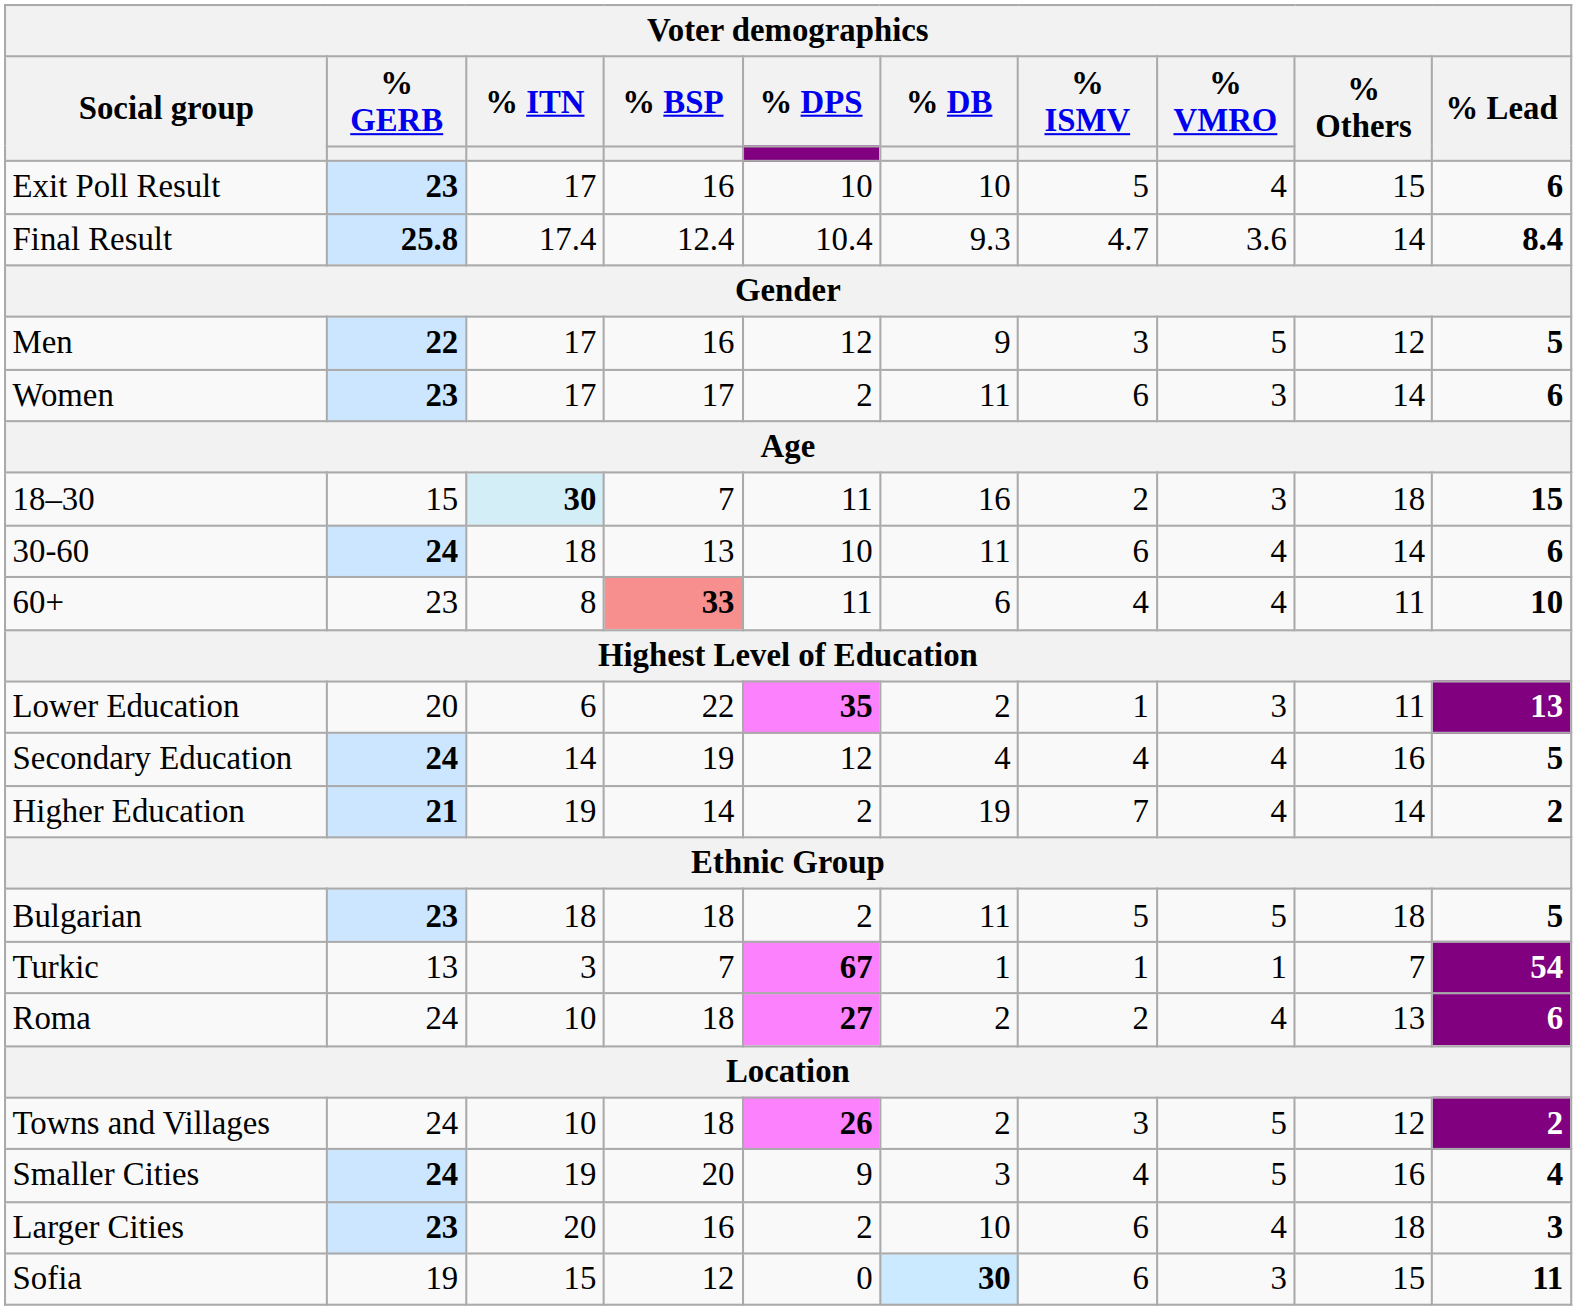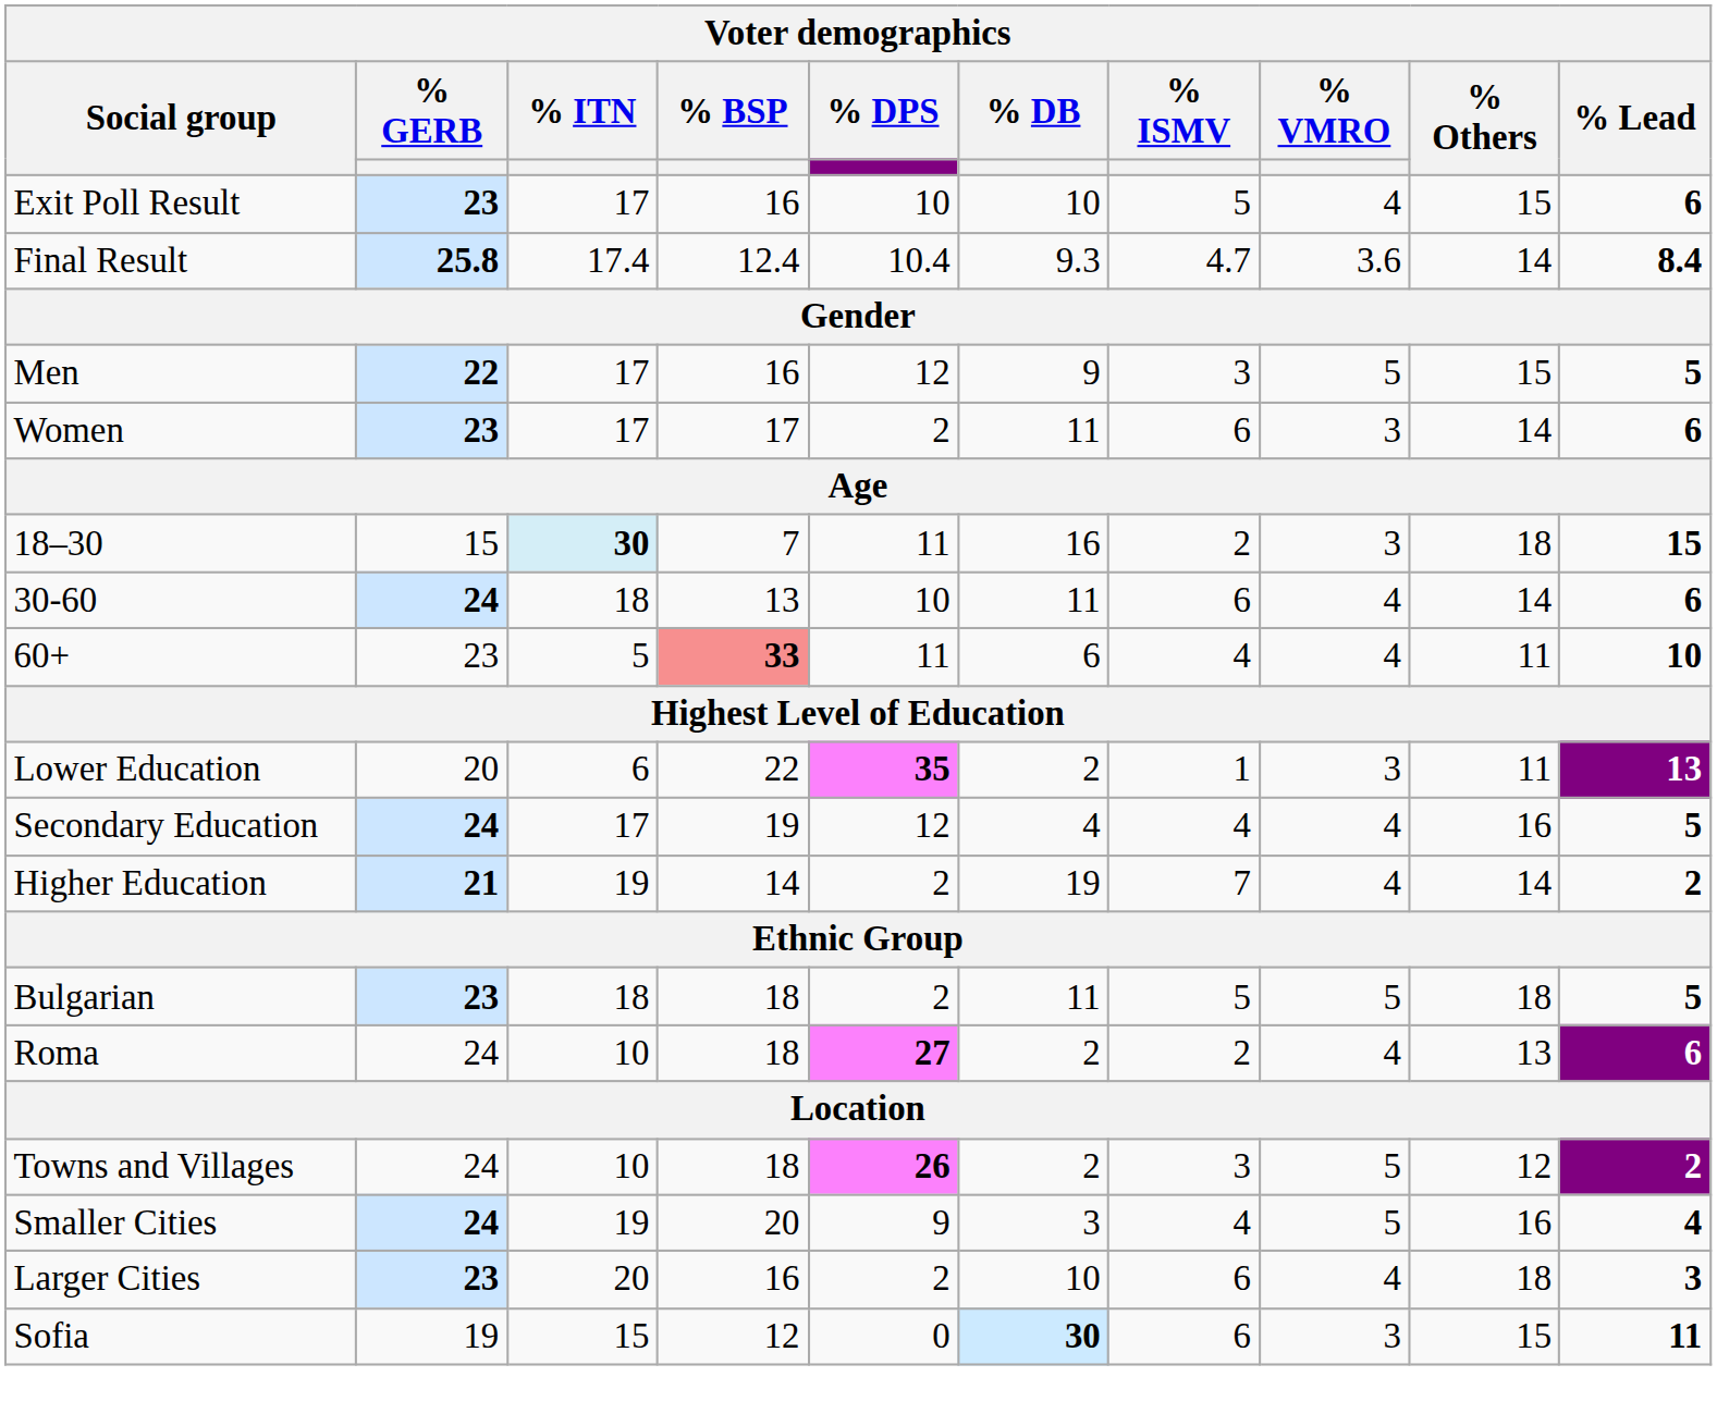 <table class=wikitable>
 <tr>
 <th colspan="10">Voter demographics</th>
 </tr>
 <tr>
 <th style="width:150px;" rowspan="2">Social group</th>
 <th style="width:60px;" class="unsortable">% <a href='#'>GERB</a></th>
 <th style="width:60px;" class="unsortable">% <a href='#'>ITN</a></th>
 <th style="width:60px;" class="unsortable">% <a href='#'>BSP</a></th>
 <th style="width:60px;" class="unsortable">% <a href='#'>DPS</a></th>
 <th style="width:60px;" class="unsortable">% <a href='#'>DB</a></th>
 <th style="width:60px;" class="unsortable">% <a href='#'>ISMV</a></th>
 <th style="width:60px;" class="unsortable">% <a href='#'>VMRO</a></th>
 <th style="width:60px;" rowspan="2" class="unsortable">% Others</th>
 <th style="width:60px;" rowspan="2" class="unsortable">% Lead</th>
 </tr>
 <tr>
 <th class="unsortable" style="color:inherit;background:"></th>
 <th class="unsortable" style="color:inherit;background:"></th>
 <th class="unsortable" style="color:inherit;background:"></th>
 <th class="unsortable" style="color:inherit;background:#800080;  width:60px;"></th>
 <th class="unsortable" style="color:inherit;background:"></th>
 <th class="unsortable" style="color:inherit;background:"></th>
 <th class="unsortable" style="background:"></th>
 </tr>
 <tr>
 <td>Exit Poll Result</td>
 <td style="text-align:right; background:#CCE6FF;"><strong>23</strong></td>
 <td style="text-align:right;">17</td>
 <td style="text-align:right;">16</td>
 <td style="text-align:right;">10</td>
 <td style="text-align:right;">10</td>
 <td style="text-align:right;">5</td>
 <td style="text-align:right;">4</td>
 <td style="text-align:right;">15</td>
 <td style="text-align:right; background:"><strong>6</strong></td>
 </tr>
 <tr>
 <td>Final Result</td>
 <td style="text-align:right; background:#CCE6FF;"><strong>25.8</strong></td>
 <td style="text-align:right;">17.4</td>
 <td style="text-align:right;">12.4</td>
 <td style="text-align:right;">10.4</td>
 <td style="text-align:right;">9.3</td>
 <td style="text-align:right;">4.7</td>
 <td style="text-align:right;">3.6</td>
 <td style="text-align:right;">14</td>
 <td style="text-align:right; background:"><strong>8.4</strong></td>
 </tr>
 <tr>
 <th colspan=10>Gender</th>
 </tr>
 <tr>
 <td>Men</td>
 <td style="text-align:right; background:#CCE6FF;"><strong>22</strong></td>
 <td style="text-align:right;">17</td>
 <td style="text-align:right;">16</td>
 <td style="text-align:right;">12</td>
 <td style="text-align:right;">9</td>
 <td style="text-align:right;">3</td>
 <td style="text-align:right;">5</td>
-<td style="text-align:right;">12</td>
+<td style="text-align:right;">15</td>
 <td style="text-align:right; background:"><strong>5</strong></td>
 </tr>
 <tr>
 <td>Women</td>
 <td style="text-align:right; background:#CCE6FF;"><strong>23</strong></td>
 <td style="text-align:right;">17</td>
 <td style="text-align:right;">17</td>
 <td style="text-align:right;">2</td>
 <td style="text-align:right;">11</td>
 <td style="text-align:right;">6</td>
 <td style="text-align:right;">3</td>
 <td style="text-align:right;">14</td>
 <td style="text-align:right; background:"><strong>6</strong></td>
 </tr>
 <tr>
 <th colspan=10>Age</th>
 </tr>
 <tr>
 <td>18–30</td>
 <td style="text-align:right;">15</td>
 <td style="text-align:right; background:#D4EEF7;"><strong>30</strong></td>
 <td style="text-align:right;">7</td>
 <td style="text-align:right;">11</td>
 <td style="text-align:right;">16</td>
 <td style="text-align:right;">2</td>
 <td style="text-align:right;">3</td>
 <td style="text-align:right;">18</td>
 <td style="text-align:right; background:"><strong>15</strong></td>
 </tr>
 <tr>
 <td>30-60</td>
 <td style="text-align:right; background:#CCE6FF;"><strong>24</strong></td>
 <td style="text-align:right;">18</td>
 <td style="text-align:right;">13</td>
 <td style="text-align:right;">10</td>
 <td style="text-align:right;">11</td>
 <td style="text-align:right;">6</td>
 <td style="text-align:right;">4</td>
 <td style="text-align:right;">14</td>
 <td style="text-align:right; background:"><strong>6</strong></td>
 </tr>
 <tr>
 <td>60+</td>
 <td style="text-align:right;">23</td>
-<td style="text-align:right;">8</td>
+<td style="text-align:right;">5</td>
 <td style="text-align:right; background:#F78F8F;"><strong>33</strong></td>
 <td style="text-align:right;">11</td>
 <td style="text-align:right;">6</td>
 <td style="text-align:right;">4</td>
 <td style="text-align:right;">4</td>
 <td style="text-align:right;">11</td>
 <td style="text-align:right; background:"><strong>10</strong></td>
 </tr>
 <tr>
 <th colspan=10>Highest Level of Education</th>
 </tr>
 <tr>
 <td>Lower Education</td>
 <td style="text-align:right;">20</td>
 <td style="text-align:right;">6</td>
 <td style="text-align:right;">22</td>
 <td style="text-align:right; background:#FC81FC"><strong>35</strong></td>
 <td style="text-align:right;">2</td>
 <td style="text-align:right;">1</td>
 <td style="text-align:right;">3</td>
 <td style="text-align:right;">11</td>
 <td style="text-align:right; background:#800080; color:white;"><strong>13</strong></td>
 </tr>
 <tr>
 <td>Secondary Education</td>
 <td style="text-align:right; background:#CCE6FF;"><strong>24</strong></td>
-<td style="text-align:right;">14</td>
+<td style="text-align:right;">17</td>
 <td style="text-align:right;">19</td>
 <td style="text-align:right;">12</td>
 <td style="text-align:right;">4</td>
 <td style="text-align:right;">4</td>
 <td style="text-align:right;">4</td>
 <td style="text-align:right;">16</td>
 <td style="text-align:right; background:"><strong>5</strong></td>
 </tr>
 <tr>
 <td>Higher Education</td>
 <td style="text-align:right; background:#CCE6FF;"><strong>21</strong></td>
 <td style="text-align:right;">19</td>
 <td style="text-align:right;">14</td>
 <td style="text-align:right;">2</td>
 <td style="text-align:right;">19</td>
 <td style="text-align:right;">7</td>
 <td style="text-align:right;">4</td>
 <td style="text-align:right;">14</td>
 <td style="text-align:right; background:"><strong>2</strong></td>
 </tr>
 <tr>
 <th colspan=10>Ethnic Group</th>
 </tr>
 <tr>
 <td>Bulgarian</td>
 <td style="text-align:right; background:#CCE6FF;"><strong>23</strong></td>
 <td style="text-align:right;">18</td>
 <td style="text-align:right;">18</td>
 <td style="text-align:right;">2</td>
 <td style="text-align:right;">11</td>
 <td style="text-align:right;">5</td>
 <td style="text-align:right;">5</td>
 <td style="text-align:right;">18</td>
 <td style="text-align:right; background:"><strong>5</strong></td>
-</tr>
-<tr>
-<td>Turkic</td>
-<td style="text-align:right;">13</td>
-<td style="text-align:right;">3</td>
-<td style="text-align:right;">7</td>
-<td style="text-align:right; background:#FC81FC"><strong>67</strong></td>
-<td style="text-align:right;">1</td>
-<td style="text-align:right;">1</td>
-<td style="text-align:right;">1</td>
-<td style="text-align:right;">7</td>
-<td style="text-align:right; background:#800080; color:white;"><strong>54</strong></td>
 </tr>
 <tr>
 <td>Roma</td>
 <td style="text-align:right;">24</td>
 <td style="text-align:right;">10</td>
 <td style="text-align:right;">18</td>
 <td style="text-align:right; background:#FC81FC"><strong>27</strong></td>
 <td style="text-align:right;">2</td>
 <td style="text-align:right;">2</td>
 <td style="text-align:right;">4</td>
 <td style="text-align:right;">13</td>
 <td style="text-align:right; background:#800080; color:white;"><strong>6</strong></td>
 </tr>
 <tr>
 <th colspan=10>Location</th>
 </tr>
 <tr>
 <td>Towns and Villages</td>
 <td style="text-align:right;">24</td>
 <td style="text-align:right;">10</td>
 <td style="text-align:right;">18</td>
 <td style="text-align:right; background:#FC81FC"><strong>26</strong></td>
 <td style="text-align:right;">2</td>
 <td style="text-align:right;">3</td>
 <td style="text-align:right;">5</td>
 <td style="text-align:right;">12</td>
 <td style="text-align:right; background:#800080; color:white;"><strong>2</strong></td>
 </tr>
 <tr>
 <td>Smaller Cities</td>
 <td style="text-align:right; background:#CCE6FF;"><strong>24</strong></td>
 <td style="text-align:right;">19</td>
 <td style="text-align:right;">20</td>
 <td style="text-align:right;">9</td>
 <td style="text-align:right;">3</td>
 <td style="text-align:right;">4</td>
 <td style="text-align:right;">5</td>
 <td style="text-align:right;">16</td>
 <td style="text-align:right; background:"><strong>4</strong></td>
 </tr>
 <tr>
 <td>Larger Cities</td>
 <td style="text-align:right; background:#CCE6FF;"><strong>23</strong></td>
 <td style="text-align:right;">20</td>
 <td style="text-align:right;">16</td>
 <td style="text-align:right;">2</td>
 <td style="text-align:right;">10</td>
 <td style="text-align:right;">6</td>
 <td style="text-align:right;">4</td>
 <td style="text-align:right;">18</td>
 <td style="text-align:right; background:"><strong>3</strong></td>
 </tr>
 <tr>
 <td>Sofia</td>
 <td style="text-align:right;">19</td>
 <td style="text-align:right;">15</td>
 <td style="text-align:right;">12</td>
 <td style="text-align:right;">0</td>
 <td style="text-align:right; background:#CCEAFF;"><strong>30</strong></td>
 <td style="text-align:right;">6</td>
 <td style="text-align:right;">3</td>
 <td style="text-align:right;">15</td>
 <td style="text-align:right; background:"><strong>11</strong></td>
 </tr>
 </table>
